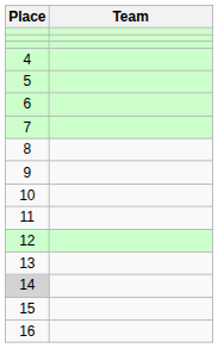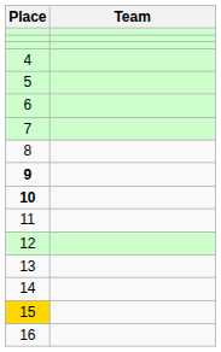 <table class="wikitable" style="text-align:center;">
 <tr>
 <th width=30>Place</th>
 <th width=175>Team</th>
 </tr>
 <tr bgcolor=ccffcc>
 <td></td>
 <td align="left"></td>
 </tr>
 <tr bgcolor=ccffcc>
 <td></td>
 <td align="left"></td>
 </tr>
 <tr bgcolor=ccffcc>
 <td></td>
 <td align="left"></td>
 </tr>
 <tr bgcolor=ccffcc>
 <td>4</td>
 <td align="left"></td>
 </tr>
 <tr bgcolor=ccffcc>
 <td>5</td>
 <td align="left"></td>
 </tr>
 <tr bgcolor=ccffcc>
 <td>6</td>
 <td align="left"></td>
 </tr>
 <tr bgcolor=ccffcc>
 <td>7</td>
 <td align="left"></td>
 </tr>
 <tr>
 <td>8</td>
 <td align="left"></td>
 </tr>
 <tr>
-<td>9</td>
+<td><strong>9</strong></td>
 <td align="left"></td>
 </tr>
 <tr>
-<td>10</td>
+<td><strong>10</strong></td>
 <td align="left"></td>
 </tr>
 <tr>
 <td>11</td>
 <td align="left"></td>
 </tr>
 <tr bgcolor=ccffcc>
 <td>12</td>
 <td align="left"></td>
 </tr>
 <tr>
 <td>13</td>
 <td align="left"></td>
 </tr>
 <tr>
-<td style="background: lightgrey;">14</td>
+<td>14</td>
 <td align="left"></td>
 </tr>
 <tr>
-<td>15</td>
+<td style="background: gold;">15</td>
 <td align="left"></td>
 </tr>
 <tr>
 <td>16</td>
 <td align="left"></td>
 </tr>
 </table>
